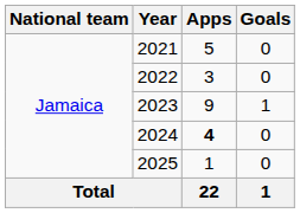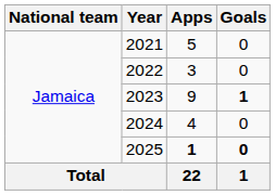 <table class=wikitable style=text-align:center>
 <tr>
 <th>National team</th>
 <th>Year</th>
 <th>Apps</th>
 <th>Goals</th>
 </tr>
 <tr>
 <td rowspan="5"><a href='#'>Jamaica</a></td>
 <td>2021</td>
 <td>5</td>
 <td>0</td>
 </tr>
 <tr>
 <td>2022</td>
 <td>3</td>
 <td>0</td>
 </tr>
 <tr>
 <td>2023</td>
 <td>9</td>
-<td>1</td>
+<td><strong>1</strong></td>
 </tr>
 <tr>
 <td>2024</td>
-<td><strong>4</strong></td>
+<td>4</td>
 <td>0</td>
 </tr>
 <tr>
 <td>2025</td>
-<td>1</td>
-<td>0</td>
+<td><strong>1</strong></td>
+<td><strong>0</strong></td>
 </tr>
 <tr>
 <th colspan="2">Total</th>
 <th>22</th>
 <th>1</th>
 </tr>
 </table>
